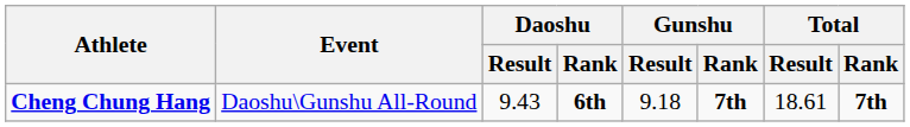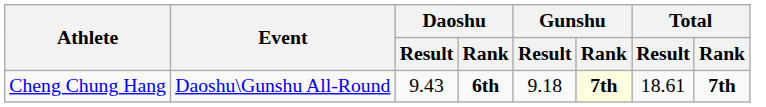 <table class=wikitable style="font-size:90%">
 <tr>
 <th rowspan="2">Athlete</th>
 <th rowspan="2">Event</th>
 <th colspan="2">Daoshu</th>
 <th colspan="2">Gunshu</th>
 <th colspan="2">Total</th>
 </tr>
 <tr>
 <th>Result</th>
 <th>Rank</th>
 <th>Result</th>
 <th>Rank</th>
 <th>Result</th>
 <th>Rank</th>
 </tr>
 <tr>
-<td><strong><a href='#'>Cheng Chung Hang</a></strong></td>
+<td><a href='#'>Cheng Chung Hang</a></td>
 <td><a href='#'>Daoshu\Gunshu All-Round</a></td>
 <td align=center>9.43</td>
 <td align=center><strong>6th</strong></td>
 <td align=center>9.18</td>
-<td align=center><strong>7th</strong></td>
+<td align=center style="background: lightyellow;"><strong>7th</strong></td>
 <td align=center>18.61</td>
 <td align=center><strong>7th</strong></td>
 </tr>
 </table>
